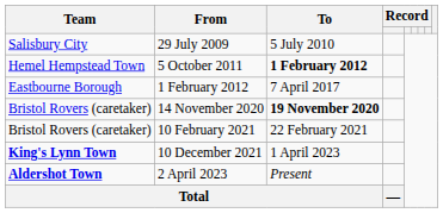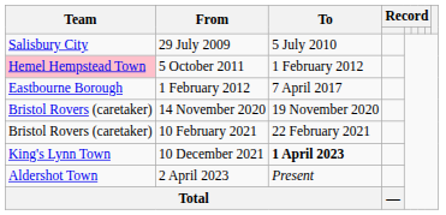 <table class=wikitable style="text-align: center">
 <tr>
 <th rowspan=2>Team</th>
 <th rowspan=2>From</th>
 <th rowspan=2>To</th>
 <th colspan=5>Record</th>
 <th rowspan=2></th>
 </tr>
 <tr>
 <th></th>
 <th></th>
 <th></th>
 <th></th>
 <th></th>
 </tr>
 <tr>
 <td align=left><a href='#'>Salisbury City</a></td>
 <td align=left>29 July 2009</td>
 <td align=left>5 July 2010<br></td>
 <td></td>
 </tr>
 <tr>
-<td align=left><a href='#'>Hemel Hempstead Town</a></td>
+<td align=left style="background: pink;"><a href='#'>Hemel Hempstead Town</a></td>
 <td align=left>5 October 2011</td>
-<td align=left><strong>1 February 2012<br></strong></td>
+<td align=left>1 February 2012<br></td>
 <td></td>
 </tr>
 <tr>
 <td align=left><a href='#'>Eastbourne Borough</a></td>
 <td align=left>1 February 2012</td>
 <td align=left>7 April 2017<br></td>
 <td></td>
 </tr>
 <tr>
 <td align=left><a href='#'>Bristol Rovers</a> (caretaker)</td>
 <td align=left>14 November 2020</td>
-<td align=left><strong>19 November 2020<br></strong></td>
+<td align=left>19 November 2020<br></td>
 <td></td>
 </tr>
 <tr>
 <td align=left>Bristol Rovers (caretaker)</td>
 <td align=left>10 February 2021</td>
 <td align=left>22 February 2021<br></td>
 <td></td>
 </tr>
 <tr>
-<td align=left><strong><a href='#'>King's Lynn Town</a></strong></td>
+<td align=left><a href='#'>King's Lynn Town</a></td>
 <td align=left>10 December 2021</td>
-<td align=left>1 April 2023<br></td>
+<td align=left><strong>1 April 2023<br></strong></td>
 <td></td>
 </tr>
 <tr>
-<td align=left><strong><a href='#'>Aldershot Town</a></strong></td>
+<td align=left><a href='#'>Aldershot Town</a></td>
 <td align=left>2 April 2023</td>
 <td align=left><em>Present</em><br></td>
 <td></td>
 </tr>
 <tr>
 <th colspan="3">Total<br></th>
 <th>—</th>
 </tr>
 </table>
